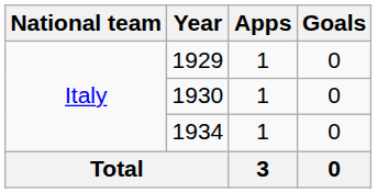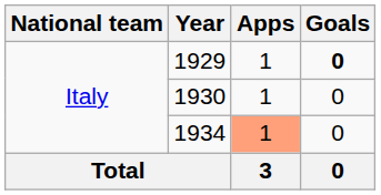 <table class=wikitable style="text-align: center;">
 <tr>
 <th>National team</th>
 <th>Year</th>
 <th>Apps</th>
 <th>Goals</th>
 </tr>
 <tr>
 <td rowspan=3><a href='#'>Italy</a></td>
 <td>1929</td>
 <td>1</td>
-<td>0</td>
+<td><strong>0</strong></td>
 </tr>
 <tr>
 <td>1930</td>
 <td>1</td>
 <td>0</td>
 </tr>
 <tr>
 <td>1934</td>
-<td>1</td>
+<td style="background: lightsalmon;">1</td>
 <td>0</td>
 </tr>
 <tr>
 <th colspan=2>Total</th>
 <th>3</th>
 <th>0</th>
 </tr>
 </table>
